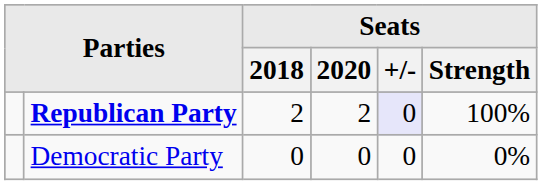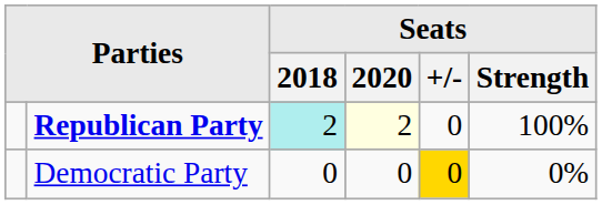 <table class=wikitable>
 <tr>
 <th style="background-color:#E9E9E9" align=center rowspan=2 colspan=2>Parties</th>
 <th style="background-color:#E9E9E9" align=center colspan=5>Seats</th>
 </tr>
 <tr bgcolor=#E9E9E9>
 <th>2018</th>
 <th>2020</th>
 <th>+/-</th>
 <th>Strength</th>
 </tr>
 <tr>
 <td style="background-color:"> </td>
 <td><strong><a href='#'>Republican Party</a></strong></td>
-<td align=right>2</td>
-<td align=right>2</td>
-<td align=right style="background: lavender;"> 0</td>
+<td align=right style="background: paleturquoise;">2</td>
+<td align=right style="background: lightyellow;">2</td>
+<td align=right> 0</td>
 <td align=right>100%</td>
 </tr>
 <tr>
 <td style="background-color:"> </td>
 <td><a href='#'>Democratic Party</a></td>
 <td align=right>0</td>
 <td align=right>0</td>
-<td align=right> 0</td>
+<td align=right style="background: gold;"> 0</td>
 <td align=right>0%</td>
 </tr>
 </table>
